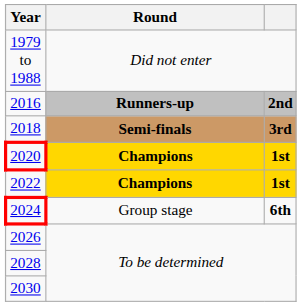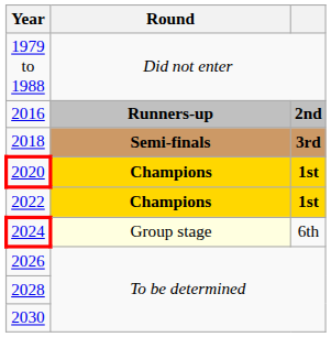 <table class="wikitable" style="text-align: center; font-size:90%">
 <tr>
 <th>Year</th>
 <th style="width:200px">Round</th>
 <th></th>
 </tr>
 <tr>
 <td><a href='#'>1979</a><br>to<br><a href='#'>1988</a></td>
 <td colspan="2"><em>Did not enter</em></td>
 </tr>
 <tr>
 <td><a href='#'>2016</a></td>
 <td bgcolor=Silver><strong>Runners-up</strong></td>
 <td bgcolor=Silver><strong>2nd</strong></td>
 </tr>
 <tr>
 <td><a href='#'>2018</a></td>
 <td bgcolor="cc9966"><strong>Semi-finals</strong></td>
 <td bgcolor="cc9966"><strong>3rd</strong></td>
 </tr>
 <tr>
 <td style="border: 3px solid red"><a href='#'>2020</a></td>
 <td bgcolor=Gold><strong>Champions</strong></td>
 <td bgcolor=Gold><strong>1st</strong></td>
 </tr>
 <tr>
 <td><a href='#'>2022</a></td>
 <td bgcolor=Gold><strong>Champions</strong></td>
 <td bgcolor=Gold><strong>1st</strong></td>
 </tr>
 <tr>
 <td style="border: 3px solid red"><a href='#'>2024</a></td>
-<td>Group stage</td>
-<td><strong>6th</strong></td>
+<td style="background: lightyellow;">Group stage</td>
+<td>6th</td>
 </tr>
 <tr>
 <td><a href='#'>2026</a></td>
 <td colspan="2" rowspan="3"><em>To be determined</em></td>
 </tr>
 <tr>
 <td><a href='#'>2028</a></td>
 </tr>
 <tr>
 <td><a href='#'>2030</a></td>
 </tr>
 </table>
